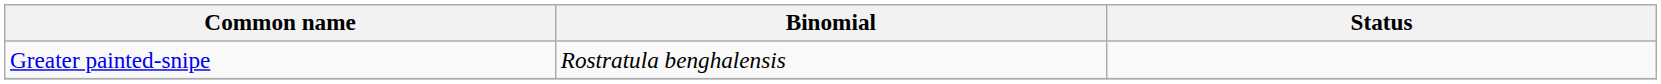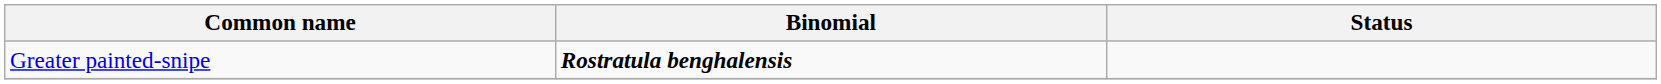 <table width=72% class="wikitable">
 <tr>
 <th width=24%>Common name</th>
 <th width=24%>Binomial</th>
 <th width=24%>Status</th>
 </tr>
 <tr>
 <td><a href='#'>Greater painted-snipe</a></td>
-<td><em>Rostratula benghalensis</em></td>
+<td><strong><em>Rostratula benghalensis</em></strong></td>
 <td></td>
 </tr>
 <tr>
 </tr>
 </table>
